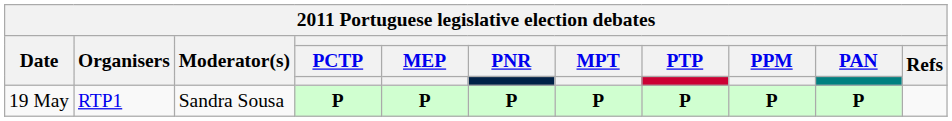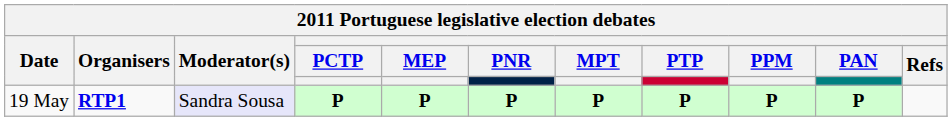 <table class="wikitable" style="font-size:98%; text-align:center;">
 <tr>
 <th colspan="22">2011 Portuguese legislative election debates</th>
 </tr>
 <tr>
 <th rowspan="3">Date</th>
 <th rowspan="3">Organisers</th>
 <th rowspan="3">Moderator(s)</th>
 <th colspan="19">        </th>
 </tr>
 <tr>
 <th scope="col" style="width:4em;"><a href='#'>PCTP</a><br></th>
 <th scope="col" style="width:4em;"><a href='#'>MEP</a><br></th>
 <th scope="col" style="width:4em;"><a href='#'>PNR</a><br></th>
 <th scope="col" style="width:4em;"><a href='#'>MPT</a><br></th>
 <th scope="col" style="width:4em;"><a href='#'>PTP</a><br></th>
 <th scope="col" style="width:4em;"><a href='#'>PPM</a><br></th>
 <th scope="col" style="width:4em;"><a href='#'>PAN</a><br></th>
 <th rowspan="2">Refs</th>
 </tr>
 <tr>
 <th style="background:"></th>
 <th style="background:"></th>
 <th style="background:#002147;"></th>
 <th style="background:"></th>
 <th style="background:#CC0033;"></th>
 <th style="background:"></th>
 <th style="background:Teal;"></th>
 </tr>
 <tr>
 <td style="white-space:nowrap; text-align:left;">19 May</td>
-<td style="white-space:nowrap; text-align:left;"><a href='#'>RTP1</a></td>
-<td style="white-space:nowrap; text-align:left;">Sandra Sousa</td>
+<td style="white-space:nowrap; text-align:left;"><strong><a href='#'>RTP1</a></strong></td>
+<td style="background: lavender; white-space:nowrap; text-align:left;">Sandra Sousa</td>
 <td style="background:#D0FFD0;"><strong>P</strong></td>
 <td style="background:#D0FFD0;"><strong>P</strong></td>
 <td style="background:#D0FFD0;"><strong>P</strong></td>
 <td style="background:#D0FFD0;"><strong>P</strong></td>
 <td style="background:#D0FFD0;"><strong>P</strong></td>
 <td style="background:#D0FFD0;"><strong>P</strong></td>
 <td style="background:#D0FFD0;"><strong>P</strong></td>
 <td></td>
 </tr>
 </table>
